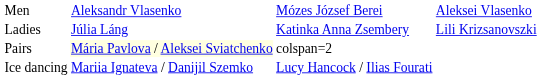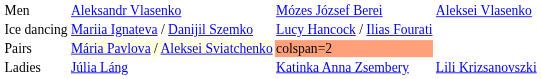 <table>
 <tr>
 <td>Men</td>
 <td><a href='#'>Aleksandr Vlasenko</a></td>
 <td><a href='#'>Mózes József Berei</a></td>
 <td><a href='#'>Aleksei Vlasenko</a></td>
 </tr>
 <tr>
+<td>Ice dancing</td>
+<td><a href='#'>Mariia Ignateva</a> / <a href='#'>Danijil Szemko</a></td>
+<td><a href='#'>Lucy Hancock</a> / <a href='#'>Ilias Fourati</a></td>
+<td></td>
+</tr>
+<tr>
+<td>Pairs</td>
+<td style="background: lightyellow;"><a href='#'>Mária Pavlova</a> / <a href='#'>Aleksei Sviatchenko</a></td>
+<td style="background: lightsalmon;">colspan=2 </td>
+</tr>
+<tr>
 <td>Ladies</td>
 <td><a href='#'>Júlia Láng</a></td>
 <td><a href='#'>Katinka Anna Zsembery</a></td>
 <td><a href='#'>Lili Krizsanovszki</a></td>
 </tr>
-<tr>
-<td>Pairs</td>
-<td style="background: lightyellow;"><a href='#'>Mária Pavlova</a> / <a href='#'>Aleksei Sviatchenko</a></td>
-<td>colspan=2 </td>
-</tr>
-<tr>
-<td>Ice dancing</td>
-<td><a href='#'>Mariia Ignateva</a> / <a href='#'>Danijil Szemko</a></td>
-<td><a href='#'>Lucy Hancock</a> / <a href='#'>Ilias Fourati</a></td>
-<td></td>
-</tr>
 </table>
